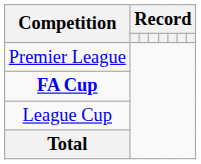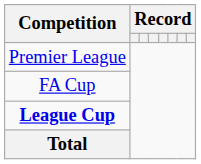 <table class="wikitable" style="text-align: center">
 <tr>
 <th rowspan=2>Competition</th>
 <th colspan=8>Record</th>
 </tr>
 <tr>
 <th></th>
 <th></th>
 <th></th>
 <th></th>
 <th></th>
 <th></th>
 <th></th>
 </tr>
 <tr>
 <td><a href='#'>Premier League</a><br></td>
 </tr>
 <tr>
-<td><strong><a href='#'>FA Cup</a><br></strong></td>
+<td><a href='#'>FA Cup</a><br></td>
 </tr>
 <tr>
-<td><a href='#'>League Cup</a><br></td>
+<td><strong><a href='#'>League Cup</a><br></strong></td>
 </tr>
 <tr>
 <th>Total<br></th>
 </tr>
 </table>
